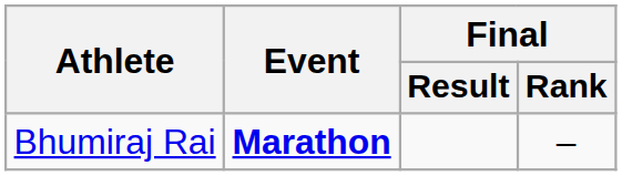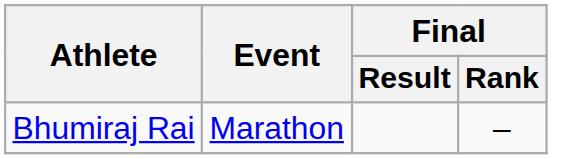 <table class="wikitable" style="font-size:90%">
 <tr>
 <th rowspan="2">Athlete</th>
 <th rowspan="2">Event</th>
 <th colspan="2">Final</th>
 </tr>
 <tr style="font-size:95%">
 <th>Result</th>
 <th>Rank</th>
 </tr>
 <tr style=text-align:center>
 <td style=text-align:left><a href='#'>Bhumiraj Rai</a></td>
-<td style=text-align:left><strong><a href='#'>Marathon</a></strong></td>
+<td style=text-align:left><a href='#'>Marathon</a></td>
 <td></td>
 <td>–</td>
 </tr>
 </table>
